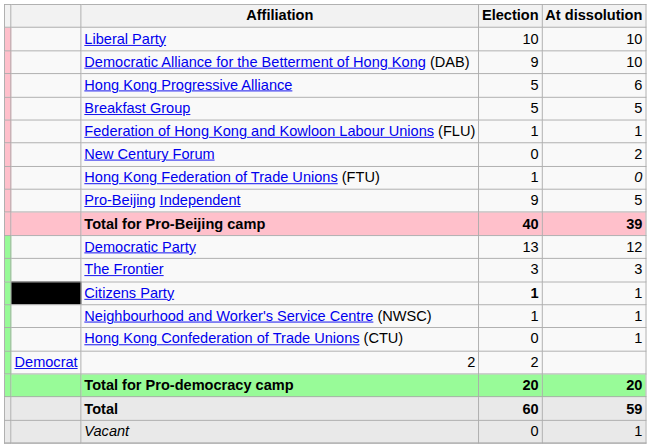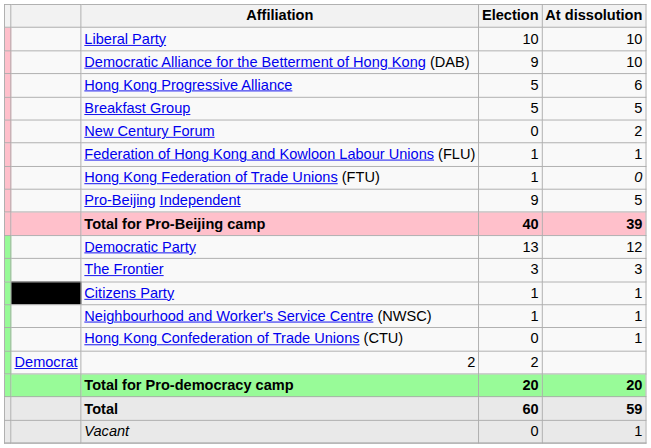 <table class="wikitable sortable">
 <tr>
 <th class="unsortable"></th>
 <th class="unsortable"></th>
 <th>Affiliation</th>
 <th>Election</th>
 <th>At dissolution</th>
 </tr>
 <tr>
 <td bgcolor=Pink></td>
 <td style="color:inherit;background:"></td>
 <td><a href='#'>Liberal Party</a></td>
 <td align="right">10</td>
 <td align="right">10</td>
 </tr>
 <tr>
 <td bgcolor=Pink></td>
 <td style="color:inherit;background:"></td>
 <td><a href='#'>Democratic Alliance for the Betterment of Hong Kong</a> (DAB)</td>
 <td align="right">9</td>
 <td align="right">10</td>
 </tr>
 <tr>
 <td bgcolor=Pink></td>
 <td style="color:inherit;background:"></td>
 <td><a href='#'>Hong Kong Progressive Alliance</a></td>
 <td align="right">5</td>
 <td align="right">6</td>
 </tr>
 <tr>
 <td bgcolor=Pink></td>
 <td style="color:inherit;background:"></td>
 <td><a href='#'>Breakfast Group</a></td>
 <td align="right">5</td>
 <td align="right">5</td>
 </tr>
 <tr>
 <td bgcolor=Pink></td>
 <td style="color:inherit;background:"></td>
-<td><a href='#'>Federation of Hong Kong and Kowloon Labour Unions</a> (FLU)</td>
-<td align="right">1</td>
-<td align="right">1</td>
+<td><a href='#'>New Century Forum</a></td>
+<td align="right">0</td>
+<td align="right">2</td>
 </tr>
 <tr>
 <td bgcolor=Pink></td>
 <td style="color:inherit;background:"></td>
-<td><a href='#'>New Century Forum</a></td>
-<td align="right">0</td>
-<td align="right">2</td>
+<td><a href='#'>Federation of Hong Kong and Kowloon Labour Unions</a> (FLU)</td>
+<td align="right">1</td>
+<td align="right">1</td>
 </tr>
 <tr>
 <td bgcolor=Pink></td>
 <td style="color:inherit;background:"></td>
 <td><a href='#'>Hong Kong Federation of Trade Unions</a> (FTU)</td>
 <td align="right">1</td>
 <td align="right"><em>0</em></td>
 </tr>
 <tr>
 <td bgcolor=Pink></td>
 <td style="color:inherit;background:"></td>
 <td><a href='#'>Pro-Beijing</a> <a href='#'>Independent</a></td>
 <td align="right">9</td>
 <td align="right">5</td>
 </tr>
 <tr>
 <td style="color:inherit;background-color:Pink"></td>
 <td style="background-color:Pink"></td>
 <td style="background-color:Pink"><strong>Total for Pro-Beijing camp</strong></td>
 <td align="right" style="background-color:Pink"><strong>40</strong></td>
 <td align="right" style="background-color:Pink"><strong>39</strong></td>
 </tr>
 <tr>
 <td bgcolor=PaleGreen></td>
 <td style="color:inherit;background:"></td>
 <td><a href='#'>Democratic Party</a></td>
 <td align="right">13</td>
 <td align="right">12</td>
 </tr>
 <tr>
 <td bgcolor=PaleGreen></td>
 <td style="color:inherit;background:"></td>
 <td><a href='#'>The Frontier</a></td>
 <td align="right">3</td>
 <td align="right">3</td>
 </tr>
 <tr>
 <td bgcolor=PaleGreen></td>
 <td bgcolor="black"></td>
 <td><a href='#'>Citizens Party</a></td>
-<td align="right"><strong>1</strong></td>
+<td align="right">1</td>
 <td align="right">1</td>
 </tr>
 <tr>
 <td bgcolor=PaleGreen></td>
 <td style="color:inherit;background:"></td>
 <td><a href='#'>Neighbourhood and Worker's Service Centre</a> (NWSC)</td>
 <td align="right">1</td>
 <td align="right">1</td>
 </tr>
 <tr>
 <td bgcolor=PaleGreen></td>
 <td style="color:inherit;background:"></td>
 <td><a href='#'>Hong Kong Confederation of Trade Unions</a> (CTU)</td>
 <td align="right">0</td>
 <td align="right">1</td>
 </tr>
 <tr>
 <td bgcolor=PaleGreen></td>
 <td> <a href='#'>Democrat</a></td>
 <td align="right">2</td>
 <td align="right">2</td>
 </tr>
 <tr>
 <td style="color:inherit;background-color:PaleGreen"></td>
 <td style="background-color:PaleGreen"></td>
 <td style="background-color:PaleGreen"><strong>Total for Pro-democracy camp</strong></td>
 <td align="right" style="background-color:PaleGreen"><strong>20</strong></td>
 <td align="right" style="background-color:PaleGreen"><strong>20</strong></td>
 </tr>
 <tr class="sortbottom">
 <td style="color:inherit;background-color:#E9E9E9"></td>
 <td style="color:inherit;background-color:#E9E9E9"></td>
 <td style="background-color:#E9E9E9"><strong>Total</strong></td>
 <td align="right" style="background-color:#E9E9E9"><strong>60</strong></td>
 <td align="right" style="background-color:#E9E9E9"><strong>59</strong></td>
 </tr>
 <tr>
 <td style="color:inherit;background-color:#E9E9E9"></td>
 <td style="color:inherit;background-color:#E9E9E9"></td>
 <td style="background-color:#E9E9E9"><em>Vacant</em></td>
 <td align="right" style="background-color:#E9E9E9">0</td>
 <td align="right" style="background-color:#E9E9E9">1</td>
 </tr>
 <tr>
 </tr>
 </table>
